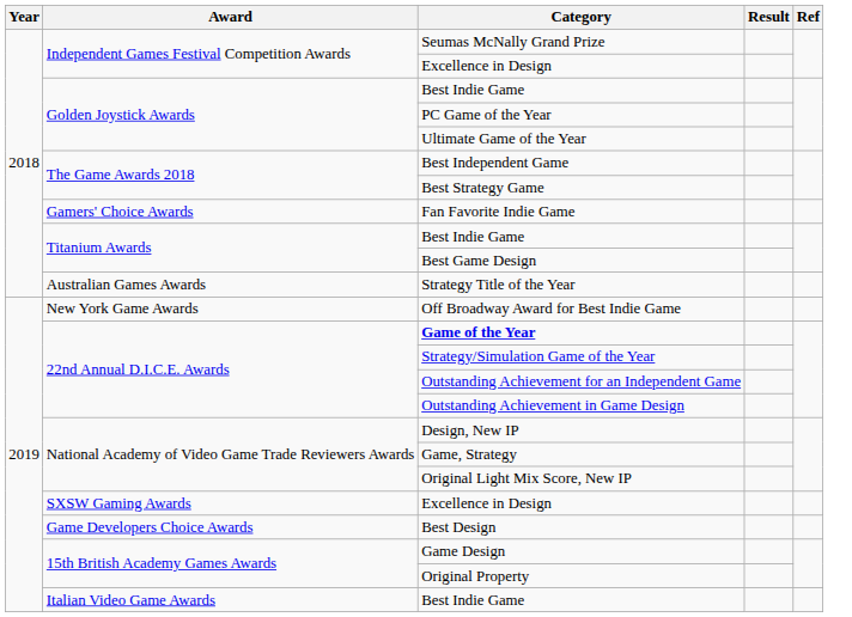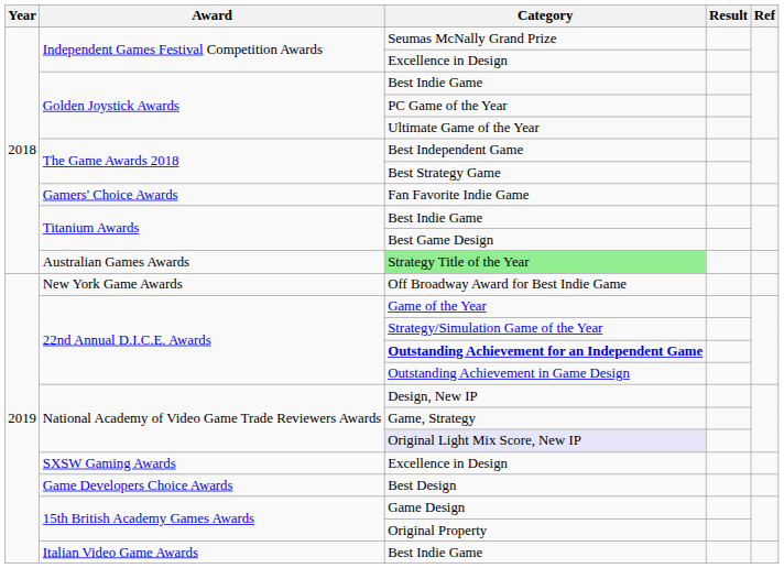 <table class="wikitable sortable">
 <tr>
 <th>Year</th>
 <th>Award</th>
 <th>Category</th>
 <th>Result</th>
 <th>Ref</th>
 </tr>
 <tr>
 <td style="text-align:center;" rowspan="11">2018</td>
 <td rowspan="2"><a href='#'>Independent Games Festival</a> Competition Awards</td>
 <td>Seumas McNally Grand Prize</td>
 <td></td>
 <td rowspan="2" style="text-align:center;"></td>
 </tr>
 <tr>
 <td>Excellence in Design</td>
 <td></td>
 </tr>
 <tr>
 <td rowspan="3"><a href='#'>Golden Joystick Awards</a></td>
 <td>Best Indie Game</td>
 <td></td>
 <td rowspan="3" style="text-align:center;"></td>
 </tr>
 <tr>
 <td>PC Game of the Year</td>
 <td></td>
 </tr>
 <tr>
 <td>Ultimate Game of the Year</td>
 <td></td>
 </tr>
 <tr>
 <td rowspan="2"><a href='#'>The Game Awards 2018</a></td>
 <td>Best Independent Game</td>
 <td></td>
 <td rowspan="2" style="text-align:center;"></td>
 </tr>
 <tr>
 <td>Best Strategy Game</td>
 <td></td>
 </tr>
 <tr>
 <td><a href='#'>Gamers' Choice Awards</a></td>
 <td>Fan Favorite Indie Game</td>
 <td></td>
 <td style="text-align:center;"></td>
 </tr>
 <tr>
 <td rowspan="2"><a href='#'>Titanium Awards</a></td>
 <td>Best Indie Game</td>
 <td></td>
 <td rowspan="2" style="text-align:center;"></td>
 </tr>
 <tr>
 <td>Best Game Design</td>
 <td></td>
 </tr>
 <tr>
 <td>Australian Games Awards</td>
-<td>Strategy Title of the Year</td>
+<td style="background: lightgreen;">Strategy Title of the Year</td>
 <td></td>
 <td style="text-align:center;"></td>
 </tr>
 <tr>
 <td style="text-align:center;" rowspan="13">2019</td>
 <td>New York Game Awards</td>
 <td>Off Broadway Award for Best Indie Game</td>
 <td></td>
 <td style="text-align:center;"></td>
 </tr>
 <tr>
 <td rowspan="4"><a href='#'>22nd Annual D.I.C.E. Awards</a></td>
-<td><strong><a href='#'>Game of the Year</a></strong></td>
+<td><a href='#'>Game of the Year</a></td>
 <td></td>
 <td rowspan="4" style="text-align:center;"></td>
 </tr>
 <tr>
 <td><a href='#'>Strategy/Simulation Game of the Year</a></td>
 <td></td>
 </tr>
 <tr>
-<td><a href='#'>Outstanding Achievement for an Independent Game</a></td>
+<td><strong><a href='#'>Outstanding Achievement for an Independent Game</a></strong></td>
 <td></td>
 </tr>
 <tr>
 <td><a href='#'>Outstanding Achievement in Game Design</a></td>
 <td></td>
 </tr>
 <tr>
 <td rowspan="3">National Academy of Video Game Trade Reviewers Awards</td>
 <td>Design, New IP</td>
 <td></td>
 <td rowspan="3" style="text-align:center;"></td>
 </tr>
 <tr>
 <td>Game, Strategy</td>
 <td></td>
 </tr>
 <tr>
-<td>Original Light Mix Score, New IP</td>
+<td style="background: lavender;">Original Light Mix Score, New IP</td>
 <td></td>
 </tr>
 <tr>
 <td><a href='#'>SXSW Gaming Awards</a></td>
 <td>Excellence in Design</td>
 <td></td>
 <td style="text-align:center;"></td>
 </tr>
 <tr>
 <td><a href='#'>Game Developers Choice Awards</a></td>
 <td>Best Design</td>
 <td></td>
 <td style="text-align:center;"></td>
 </tr>
 <tr>
 <td rowspan="2"><a href='#'>15th British Academy Games Awards</a></td>
 <td>Game Design</td>
 <td></td>
 <td rowspan="2" style="text-align:center;"></td>
 </tr>
 <tr>
 <td>Original Property</td>
 <td></td>
 </tr>
 <tr>
 <td><a href='#'>Italian Video Game Awards</a></td>
 <td>Best Indie Game</td>
 <td></td>
 <td style="text-align:center;"></td>
 </tr>
 </table>
